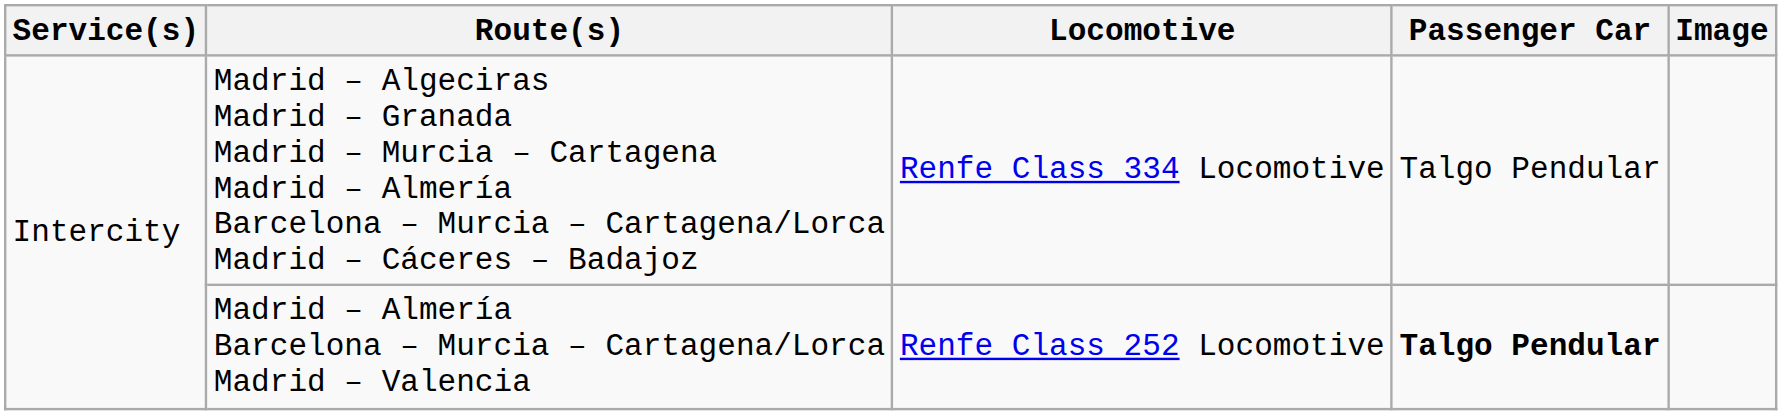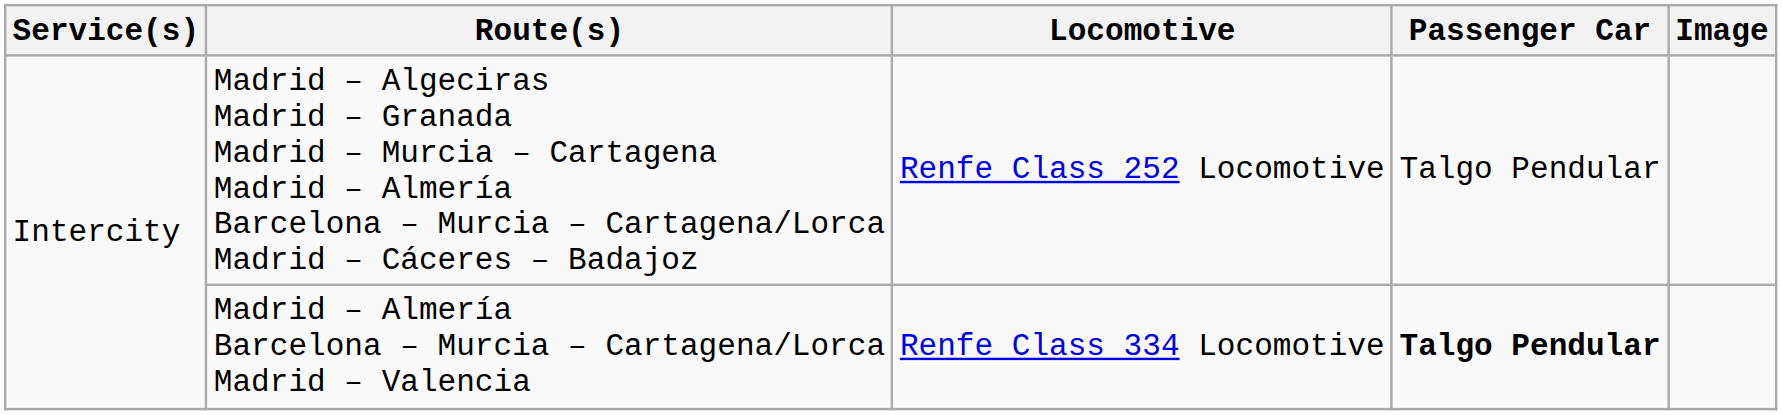 <table class="wikitable left">
 <tr>
 <th>Service(s)</th>
 <th>Route(s)</th>
 <th>Locomotive</th>
 <th>Passenger Car</th>
 <th>Image</th>
 </tr>
 <tr>
 <td rowspan="2">Intercity</td>
 <td>Madrid – Algeciras<br>Madrid – Granada<br>Madrid – Murcia –  Cartagena<br>Madrid – Almería<br>Barcelona – Murcia – Cartagena/Lorca<br>Madrid – Cáceres – Badajoz</td>
-<td><a href='#'>Renfe Class 334</a> Locomotive</td>
+<td><a href='#'>Renfe Class 252</a> Locomotive</td>
 <td>Talgo Pendular</td>
 <td></td>
 </tr>
 <tr>
 <td>Madrid – Almería<br>Barcelona – Murcia – Cartagena/Lorca<br>Madrid – Valencia</td>
-<td><a href='#'>Renfe Class 252</a> Locomotive</td>
+<td><a href='#'>Renfe Class 334</a> Locomotive</td>
 <td><strong>Talgo Pendular</strong></td>
 <td></td>
 </tr>
 </table>
